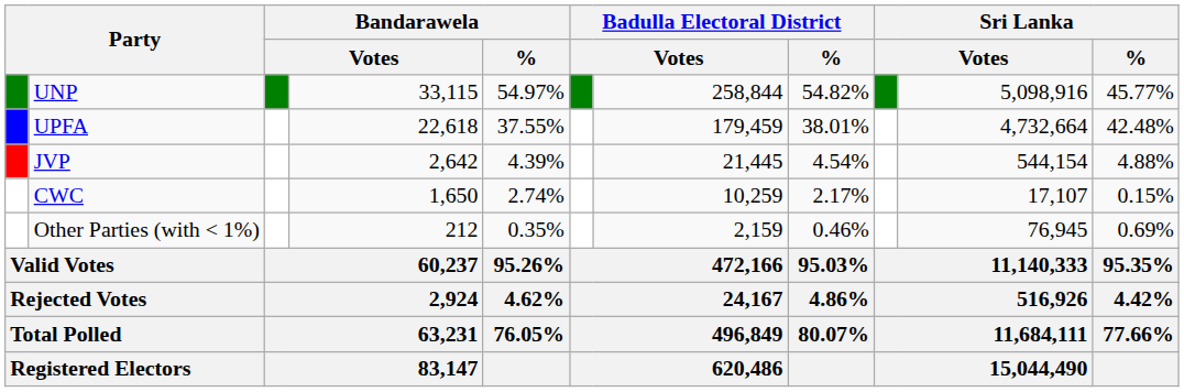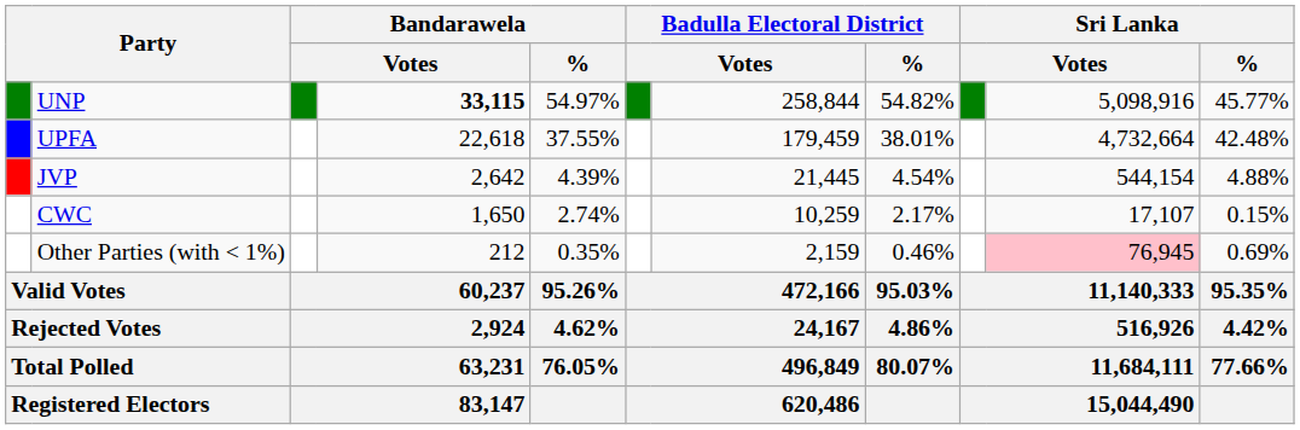 <table class="wikitable">
 <tr>
 <th colspan="2" width="144px"rowspan="2">Party</th>
 <th colspan="3" width="216px">Bandarawela</th>
 <th colspan="3" width="216px"><a href='#'>Badulla Electoral District</a></th>
 <th colspan="3" width="216px">Sri Lanka</th>
 </tr>
 <tr>
 <th colspan="2" width="144px">Votes</th>
 <th>%</th>
 <th colspan="2" width="144px">Votes</th>
 <th>%</th>
 <th colspan="2" width="144px">Votes</th>
 <th>%</th>
 </tr>
 <tr>
 <td style="background-color:green;" width="10px"></td>
 <td style="text-align:left;"><a href='#'>UNP</a></td>
 <td style="background-color:green;" width="10px"></td>
-<td style="text-align:right;">33,115</td>
+<td style="text-align:right;"><strong>33,115</strong></td>
 <td style="text-align:right;">54.97%</td>
 <td style="background-color:green;" width="10px"></td>
 <td style="text-align:right;">258,844</td>
 <td style="text-align:right;">54.82%</td>
 <td style="background-color:green;" width="10px"></td>
 <td style="text-align:right;">5,098,916</td>
 <td style="text-align:right;">45.77%</td>
 </tr>
 <tr>
 <td style="background-color:blue;" width="10px"></td>
 <td style="text-align:left;"><a href='#'>UPFA</a></td>
 <td style="background-color:white;" width="10px"></td>
 <td style="text-align:right;">22,618</td>
 <td style="text-align:right;">37.55%</td>
 <td style="background-color:white;" width="10px"></td>
 <td style="text-align:right;">179,459</td>
 <td style="text-align:right;">38.01%</td>
 <td style="background-color:white;" width="10px"></td>
 <td style="text-align:right;">4,732,664</td>
 <td style="text-align:right;">42.48%</td>
 </tr>
 <tr>
 <td style="background-color:red;" width="10px"></td>
 <td style="text-align:left;"><a href='#'>JVP</a></td>
 <td style="background-color:white;" width="10px"></td>
 <td style="text-align:right;">2,642</td>
 <td style="text-align:right;">4.39%</td>
 <td style="background-color:white;" width="10px"></td>
 <td style="text-align:right;">21,445</td>
 <td style="text-align:right;">4.54%</td>
 <td style="background-color:white;" width="10px"></td>
 <td style="text-align:right;">544,154</td>
 <td style="text-align:right;">4.88%</td>
 </tr>
 <tr>
 <td style="background-color:white;" width="10px"></td>
 <td style="text-align:left;"><a href='#'>CWC</a></td>
 <td style="background-color:white;" width="10px"></td>
 <td style="text-align:right;">1,650</td>
 <td style="text-align:right;">2.74%</td>
 <td style="background-color:white;" width="10px"></td>
 <td style="text-align:right;">10,259</td>
 <td style="text-align:right;">2.17%</td>
 <td style="background-color:white;" width="10px"></td>
 <td style="text-align:right;">17,107</td>
 <td style="text-align:right;">0.15%</td>
 </tr>
 <tr>
 <td style="background-color:white;" width="10px"></td>
 <td style="text-align:left;">Other Parties (with < 1%)</td>
 <td style="background-color:white;" width="10px"></td>
 <td style="text-align:right;">212</td>
 <td style="text-align:right;">0.35%</td>
 <td style="background-color:white;" width="10px"></td>
 <td style="text-align:right;">2,159</td>
 <td style="text-align:right;">0.46%</td>
 <td style="background-color:white;" width="10px"></td>
-<td style="text-align:right;">76,945</td>
+<td style="background: pink; text-align:right;">76,945</td>
 <td style="text-align:right;">0.69%</td>
 </tr>
 <tr>
 <th colspan="2" width="144px"style="text-align:left;">Valid Votes</th>
 <th style="text-align:right;"colspan="2" width="144px">60,237</th>
 <th style="text-align:right;">95.26%</th>
 <th style="text-align:right;"colspan="2" width="144px">472,166</th>
 <th style="text-align:right;">95.03%</th>
 <th style="text-align:right;"colspan="2" width="144px">11,140,333</th>
 <th style="text-align:right;">95.35%</th>
 </tr>
 <tr>
 <th colspan="2" width="144px"style="text-align:left;">Rejected Votes</th>
 <th style="text-align:right;"colspan="2" width="144px">2,924</th>
 <th style="text-align:right;">4.62%</th>
 <th style="text-align:right;"colspan="2" width="144px">24,167</th>
 <th style="text-align:right;">4.86%</th>
 <th style="text-align:right;"colspan="2" width="144px">516,926</th>
 <th style="text-align:right;">4.42%</th>
 </tr>
 <tr>
 <th colspan="2" width="144px"style="text-align:left;">Total Polled</th>
 <th style="text-align:right;"colspan="2" width="144px">63,231</th>
 <th style="text-align:right;">76.05%</th>
 <th style="text-align:right;"colspan="2" width="144px">496,849</th>
 <th style="text-align:right;">80.07%</th>
 <th style="text-align:right;"colspan="2" width="144px">11,684,111</th>
 <th style="text-align:right;">77.66%</th>
 </tr>
 <tr>
 <th colspan="2" width="144px"style="text-align:left;">Registered Electors</th>
 <th style="text-align:right;"colspan="2" width="144px">83,147</th>
 <th></th>
 <th style="text-align:right;"colspan="2" width="144px">620,486</th>
 <th></th>
 <th style="text-align:right;"colspan="2" width="144px">15,044,490</th>
 <th></th>
 </tr>
 </table>
